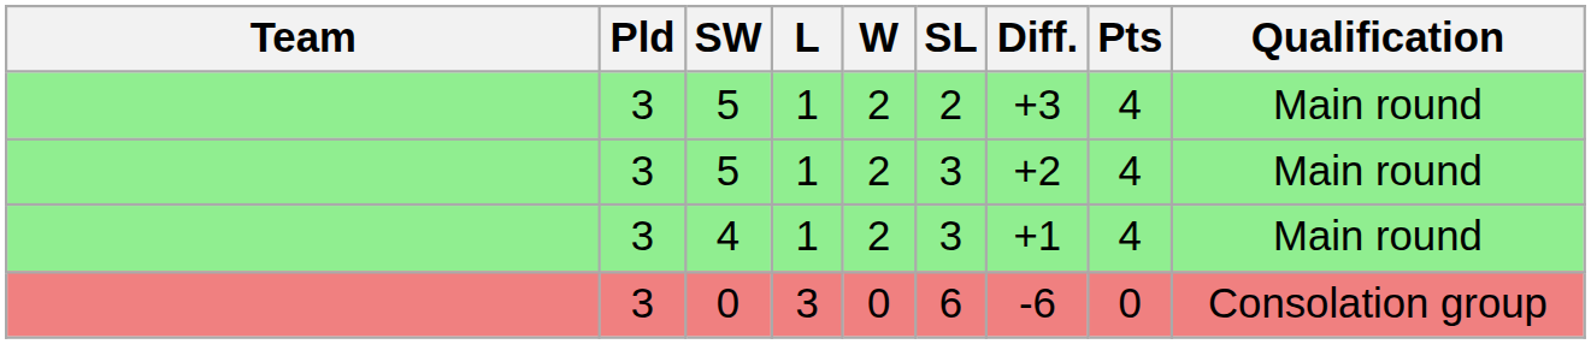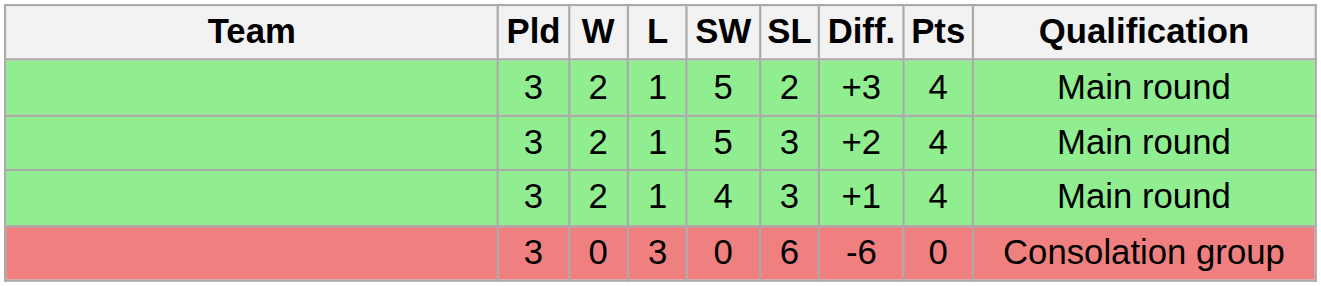 <table class=wikitable style="text-align:center">
 <tr>
 <th width=220>Team</th>
 <th width=20>Pld</th>
+<th width=20>W</th>
+<th width=20>L</th>
 <th width=20>SW</th>
-<th width=20>L</th>
-<th width=20>W</th>
 <th width=20>SL</th>
 <th width=20>Diff.</th>
 <th width=20>Pts</th>
 <th width=150>Qualification</th>
 </tr>
 <tr bgcolor=90EE90>
 <td align=left></td>
 <td>3</td>
+<td>2</td>
+<td>1</td>
 <td>5</td>
-<td>1</td>
-<td>2</td>
 <td>2</td>
 <td>+3</td>
 <td>4</td>
 <td>Main round</td>
 </tr>
 <tr bgcolor=90EE90>
 <td align=left></td>
 <td>3</td>
+<td>2</td>
+<td>1</td>
 <td>5</td>
-<td>1</td>
-<td>2</td>
 <td>3</td>
 <td>+2</td>
 <td>4</td>
 <td>Main round</td>
 </tr>
 <tr bgcolor=90EE90>
 <td align=left></td>
 <td>3</td>
+<td>2</td>
+<td>1</td>
 <td>4</td>
-<td>1</td>
-<td>2</td>
 <td>3</td>
 <td>+1</td>
 <td>4</td>
 <td>Main round</td>
 </tr>
 <tr bgcolor=F08080>
 <td align=left></td>
 <td>3</td>
 <td>0</td>
 <td>3</td>
 <td>0</td>
 <td>6</td>
 <td>-6</td>
 <td>0</td>
 <td>Consolation group</td>
 </tr>
 </table>
